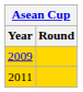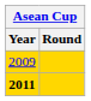 <table class="wikitable" style="text-align: center; font-size: 90%;">
 <tr>
 <th colspan="8"><a href='#'>Asean Cup</a></th>
 </tr>
 <tr>
 <th>Year</th>
 <th>Round</th>
 </tr>
 <tr bgcolor=gold>
 <td> <a href='#'>2009</a></td>
 <td></td>
 </tr>
 <tr bgcolor=gold>
-<td> 2011</td>
+<td><strong> 2011</strong></td>
 <td></td>
 </tr>
 </table>
